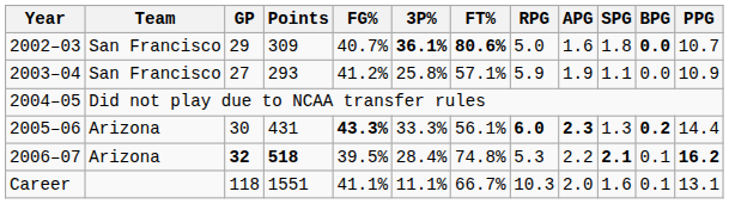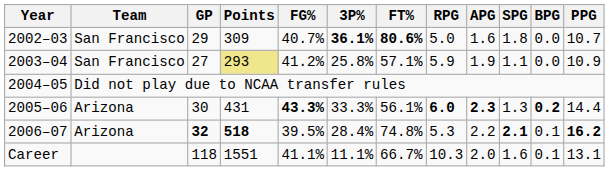 <table class="wikitable">
 <tr>
 <th>Year</th>
 <th>Team</th>
 <th>GP</th>
 <th>Points</th>
 <th>FG%</th>
 <th>3P%</th>
 <th>FT%</th>
 <th>RPG</th>
 <th>APG</th>
 <th>SPG</th>
 <th>BPG</th>
 <th>PPG</th>
 </tr>
 <tr>
 <td>2002–03</td>
 <td>San Francisco</td>
 <td>29</td>
 <td>309</td>
 <td>40.7%</td>
 <td><strong>36.1%</strong></td>
 <td><strong>80.6%</strong></td>
 <td>5.0</td>
 <td>1.6</td>
 <td>1.8</td>
-<td><strong>0.0</strong></td>
+<td>0.0</td>
 <td>10.7</td>
 </tr>
 <tr>
 <td>2003–04</td>
 <td>San Francisco</td>
 <td>27</td>
-<td>293</td>
+<td style="background: khaki;">293</td>
 <td>41.2%</td>
 <td>25.8%</td>
 <td>57.1%</td>
 <td>5.9</td>
 <td>1.9</td>
 <td>1.1</td>
 <td>0.0</td>
 <td>10.9</td>
 </tr>
 <tr>
 <td>2004–05</td>
 <td colspan="11">Did not play due to NCAA transfer rules</td>
 </tr>
 <tr>
 <td>2005–06</td>
 <td>Arizona</td>
 <td>30</td>
 <td>431</td>
 <td><strong>43.3%</strong></td>
 <td>33.3%</td>
 <td>56.1%</td>
 <td><strong>6.0</strong></td>
 <td><strong>2.3</strong></td>
 <td>1.3</td>
 <td><strong>0.2</strong></td>
 <td>14.4</td>
 </tr>
 <tr>
 <td>2006–07</td>
 <td>Arizona</td>
 <td><strong>32</strong></td>
 <td><strong>518</strong></td>
 <td>39.5%</td>
 <td>28.4%</td>
 <td>74.8%</td>
 <td>5.3</td>
 <td>2.2</td>
 <td><strong>2.1</strong></td>
 <td>0.1</td>
 <td><strong>16.2</strong></td>
 </tr>
 <tr>
 <td>Career</td>
 <td></td>
 <td>118</td>
 <td>1551</td>
 <td>41.1%</td>
 <td>11.1%</td>
 <td>66.7%</td>
 <td>10.3</td>
 <td>2.0</td>
 <td>1.6</td>
 <td>0.1</td>
 <td>13.1</td>
 </tr>
 </table>
